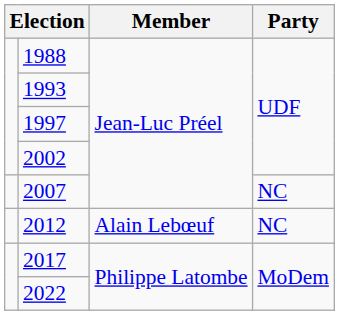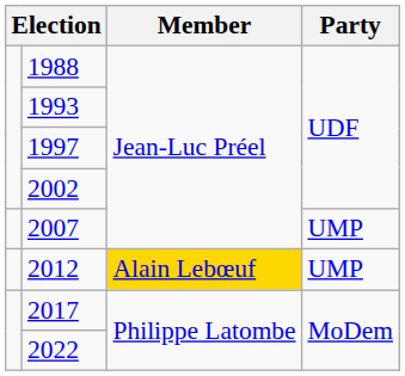 <table class="wikitable">
 <tr>
 <th colspan="2">Election</th>
 <th>Member</th>
 <th>Party</th>
 </tr>
 <tr>
 <td rowspan="4" style="background-color: "></td>
 <td><a href='#'>1988</a></td>
 <td rowspan="5"><a href='#'>Jean-Luc Préel</a></td>
 <td rowspan="4"><a href='#'>UDF</a></td>
 </tr>
 <tr>
 <td><a href='#'>1993</a></td>
 </tr>
 <tr>
 <td><a href='#'>1997</a></td>
 </tr>
 <tr>
 <td><a href='#'>2002</a></td>
 </tr>
 <tr>
 <td style="background-color: "></td>
 <td><a href='#'>2007</a></td>
-<td><a href='#'>NC</a></td>
+<td><a href='#'>UMP</a></td>
 </tr>
 <tr>
 <td style="background-color: "></td>
 <td><a href='#'>2012</a></td>
-<td><a href='#'>Alain Lebœuf</a></td>
-<td><a href='#'>NC</a></td>
+<td style="background: gold;"><a href='#'>Alain Lebœuf</a></td>
+<td><a href='#'>UMP</a></td>
 </tr>
 <tr>
 <td rowspan="2" style="background-color: "></td>
 <td><a href='#'>2017</a></td>
 <td rowspan="2"><a href='#'>Philippe Latombe</a></td>
 <td rowspan="2"><a href='#'>MoDem</a></td>
 </tr>
 <tr>
 <td><a href='#'>2022</a></td>
 </tr>
 </table>
